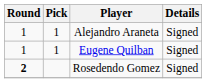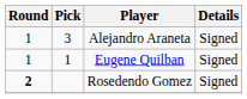 <table class="wikitable sortable sortable">
 <tr>
 <th>Round</th>
 <th>Pick</th>
 <th>Player</th>
 <th>Details</th>
 </tr>
 <tr style="text-align: center">
 <td>1</td>
-<td>1</td>
+<td>3</td>
 <td>Alejandro Araneta</td>
 <td>Signed</td>
 </tr>
 <tr style="text-align: center">
 <td>1</td>
 <td>1</td>
 <td><a href='#'>Eugene Quilban</a></td>
 <td>Signed</td>
 </tr>
 <tr style="text-align: center">
 <td><strong>2</strong></td>
 <td></td>
 <td>Rosedendo Gomez</td>
 <td>Signed</td>
 </tr>
 <tr>
 </tr>
 </table>
